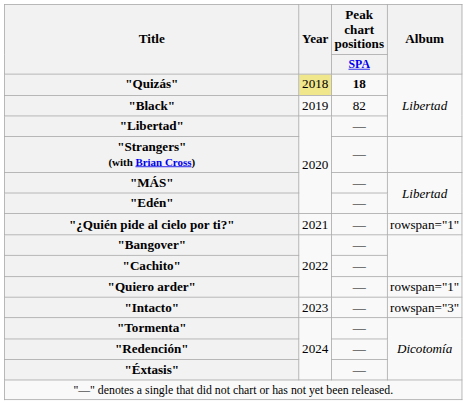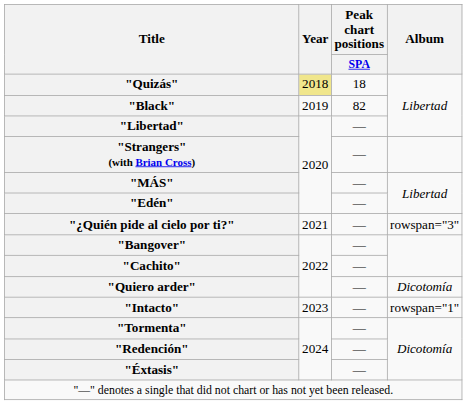 <table class="wikitable plainrowheaders" style="text-align:center;">
 <tr>
 <th scope="col" rowspan="2" style="width:22em;">Title</th>
 <th scope="col" rowspan="2" style="width:1em;">Year</th>
 <th scope="col">Peak chart positions</th>
 <th scope="col" rowspan="2">Album</th>
 </tr>
 <tr>
 <th scope="col" style="width:3em;font-size:90%;"><a href='#'>SPA</a><br></th>
 </tr>
 <tr>
 <th scope="row">"Quizás"</th>
 <td style="background: khaki;">2018</td>
-<td><strong>18</strong></td>
+<td>18</td>
 <td rowspan="3"><em>Libertad</em></td>
 </tr>
 <tr>
 <th scope="row">"Black"</th>
 <td>2019</td>
 <td>82</td>
 </tr>
 <tr>
 <th scope="row">"Libertad"</th>
 <td rowspan="4">2020</td>
 <td>—</td>
 </tr>
 <tr>
 <th scope="row">"Strangers"<br><small>(with <a href='#'>Brian Cross</a>)</small></th>
 <td>—</td>
 <td></td>
 </tr>
 <tr>
 <th scope="row">"MÁS"</th>
 <td>—</td>
 <td rowspan="2"><em>Libertad</em></td>
 </tr>
 <tr>
 <th scope="row">"Edén"</th>
 <td>—</td>
 </tr>
 <tr>
 <th scope="row">"¿Quién pide al cielo por ti?"</th>
 <td>2021</td>
 <td>—</td>
-<td>rowspan="1" </td>
+<td>rowspan="3" </td>
 </tr>
 <tr>
 <th scope="row">"Bangover"</th>
 <td rowspan="3">2022</td>
 <td>—</td>
 </tr>
 <tr>
 <th scope="row">"Cachito"</th>
 <td>—</td>
 </tr>
 <tr>
 <th scope="row">"Quiero arder"</th>
 <td>—</td>
-<td>rowspan="1" </td>
+<td rowspan="1"><em>Dicotomía</em></td>
 </tr>
 <tr>
 <th scope="row">"Intacto"</th>
 <td rowspan="1">2023</td>
 <td>—</td>
-<td>rowspan="3" </td>
+<td>rowspan="1" </td>
 </tr>
 <tr>
 <th scope="row">"Tormenta"</th>
 <td rowspan="3">2024</td>
 <td>—</td>
 <td rowspan="3"><em>Dicotomía</em></td>
 </tr>
 <tr>
 <th scope="row">"Redención"</th>
 <td>—</td>
 </tr>
 <tr>
 <th scope="row">"Éxtasis"</th>
 <td>—</td>
 </tr>
 <tr>
 <td colspan="8" style="font-size:90%">"—" denotes a single that did not chart or has not yet been released.</td>
 </tr>
 </table>
